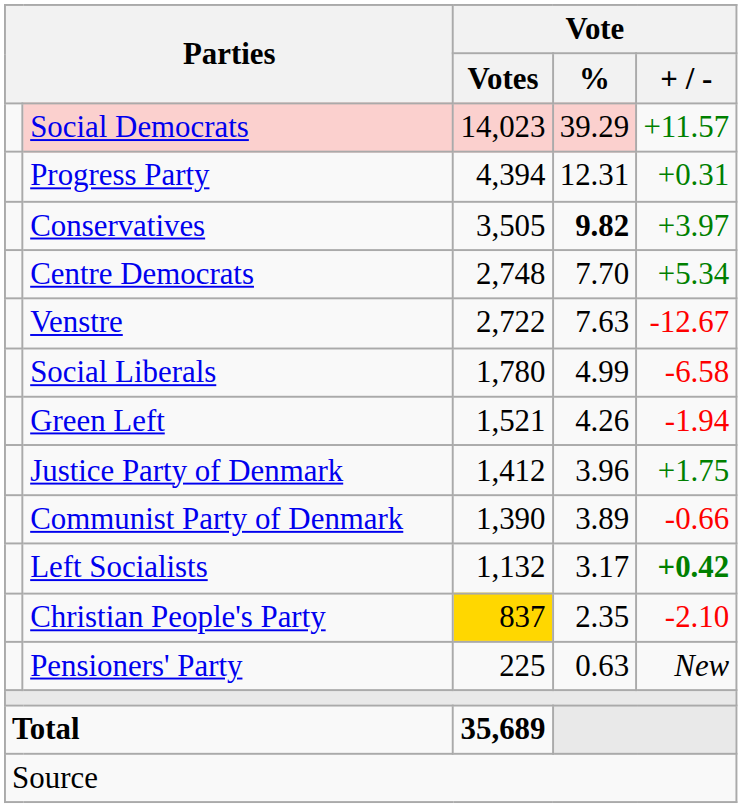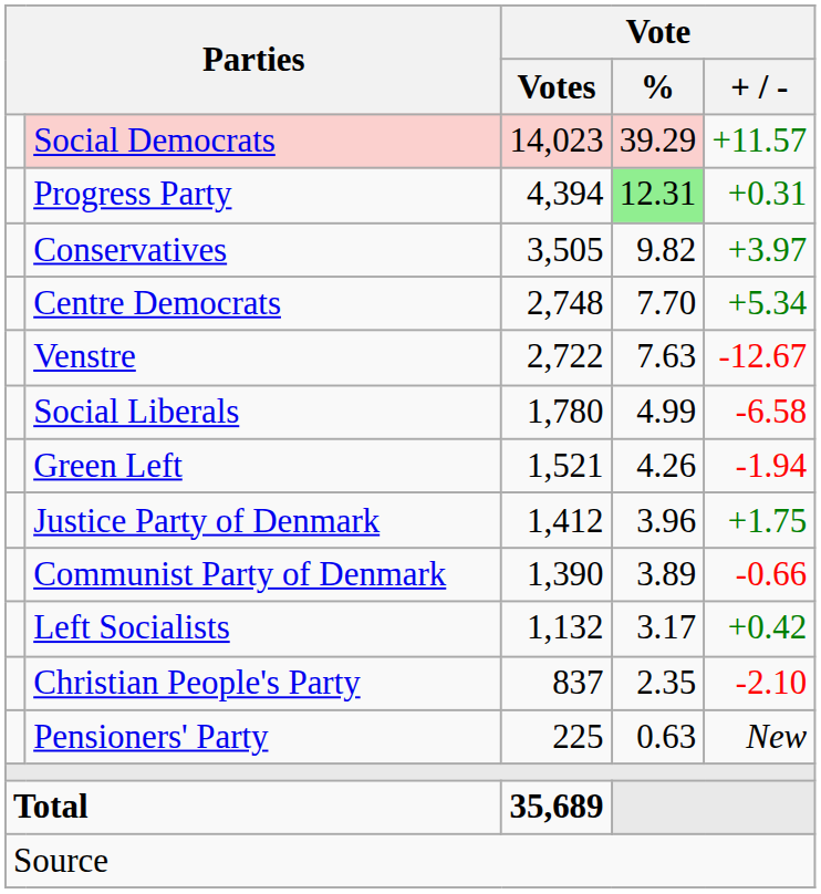 <table class="wikitable" style="text-align:right;">
 <tr>
 <th style="text-align:centre;" rowspan="2" colspan="2" width="225">Parties</th>
 <th colspan="3">Vote</th>
 </tr>
 <tr>
 <th width="15">Votes</th>
 <th width="15">%</th>
 <th width="15">+ / -</th>
 </tr>
 <tr>
 <td width="2" style="color:inherit;background:"></td>
 <td bgcolor=#fbd0ce  align="left"><a href='#'>Social Democrats</a></td>
 <td bgcolor=#fbd0ce>14,023</td>
 <td bgcolor=#fbd0ce>39.29</td>
 <td style=color:green;>+11.57</td>
 </tr>
 <tr>
 <td width="2" style="color:inherit;background:"></td>
 <td align="left"><a href='#'>Progress Party</a></td>
 <td>4,394</td>
-<td>12.31</td>
+<td style="background: lightgreen;">12.31</td>
 <td style=color:green;>+0.31</td>
 </tr>
 <tr>
 <td width="2" style="color:inherit;background:"></td>
 <td align="left"><a href='#'>Conservatives</a></td>
 <td>3,505</td>
-<td><strong>9.82</strong></td>
+<td>9.82</td>
 <td style=color:green;>+3.97</td>
 </tr>
 <tr>
 <td width="2" style="color:inherit;background:"></td>
 <td align="left"><a href='#'>Centre Democrats</a></td>
 <td>2,748</td>
 <td>7.70</td>
 <td style=color:green;>+5.34</td>
 </tr>
 <tr>
 <td width="2" style="color:inherit;background:"></td>
 <td align="left"><a href='#'>Venstre</a></td>
 <td>2,722</td>
 <td>7.63</td>
 <td style=color:red;>-12.67</td>
 </tr>
 <tr>
 <td width="2" style="color:inherit;background:"></td>
 <td align="left"><a href='#'>Social Liberals</a></td>
 <td>1,780</td>
 <td>4.99</td>
 <td style=color:red;>-6.58</td>
 </tr>
 <tr>
 <td width="2" style="color:inherit;background:"></td>
 <td align="left"><a href='#'>Green Left</a></td>
 <td>1,521</td>
 <td>4.26</td>
 <td style=color:red;>-1.94</td>
 </tr>
 <tr>
 <td width="2" style="color:inherit;background:"></td>
 <td align="left"><a href='#'>Justice Party of Denmark</a></td>
 <td>1,412</td>
 <td>3.96</td>
 <td style=color:green;>+1.75</td>
 </tr>
 <tr>
 <td width="2" style="color:inherit;background:"></td>
 <td align="left"><a href='#'>Communist Party of Denmark</a></td>
 <td>1,390</td>
 <td>3.89</td>
 <td style=color:red;>-0.66</td>
 </tr>
 <tr>
 <td width="2" style="color:inherit;background:"></td>
 <td align="left"><a href='#'>Left Socialists</a></td>
 <td>1,132</td>
 <td>3.17</td>
-<td style=color:green;><strong>+0.42</strong></td>
+<td style=color:green;>+0.42</td>
 </tr>
 <tr>
 <td width="2" style="color:inherit;background:"></td>
 <td align="left"><a href='#'>Christian People's Party</a></td>
-<td style="background: gold;">837</td>
+<td>837</td>
 <td>2.35</td>
 <td style=color:red;>-2.10</td>
 </tr>
 <tr>
 <td width="2" style="color:inherit;background:"></td>
 <td align="left"><a href='#'>Pensioners' Party</a></td>
 <td>225</td>
 <td>0.63</td>
 <td><em>New</em></td>
 </tr>
 <tr>
 <td colspan="7" bgcolor="#E9E9E9"></td>
 </tr>
 <tr>
 <td align="left" colspan="2"><strong>Total</strong></td>
 <td><strong>35,689</strong></td>
 <td bgcolor="#E9E9E9" colspan="2"></td>
 </tr>
 <tr>
 <td align="left" colspan="6">Source</td>
 </tr>
 </table>
